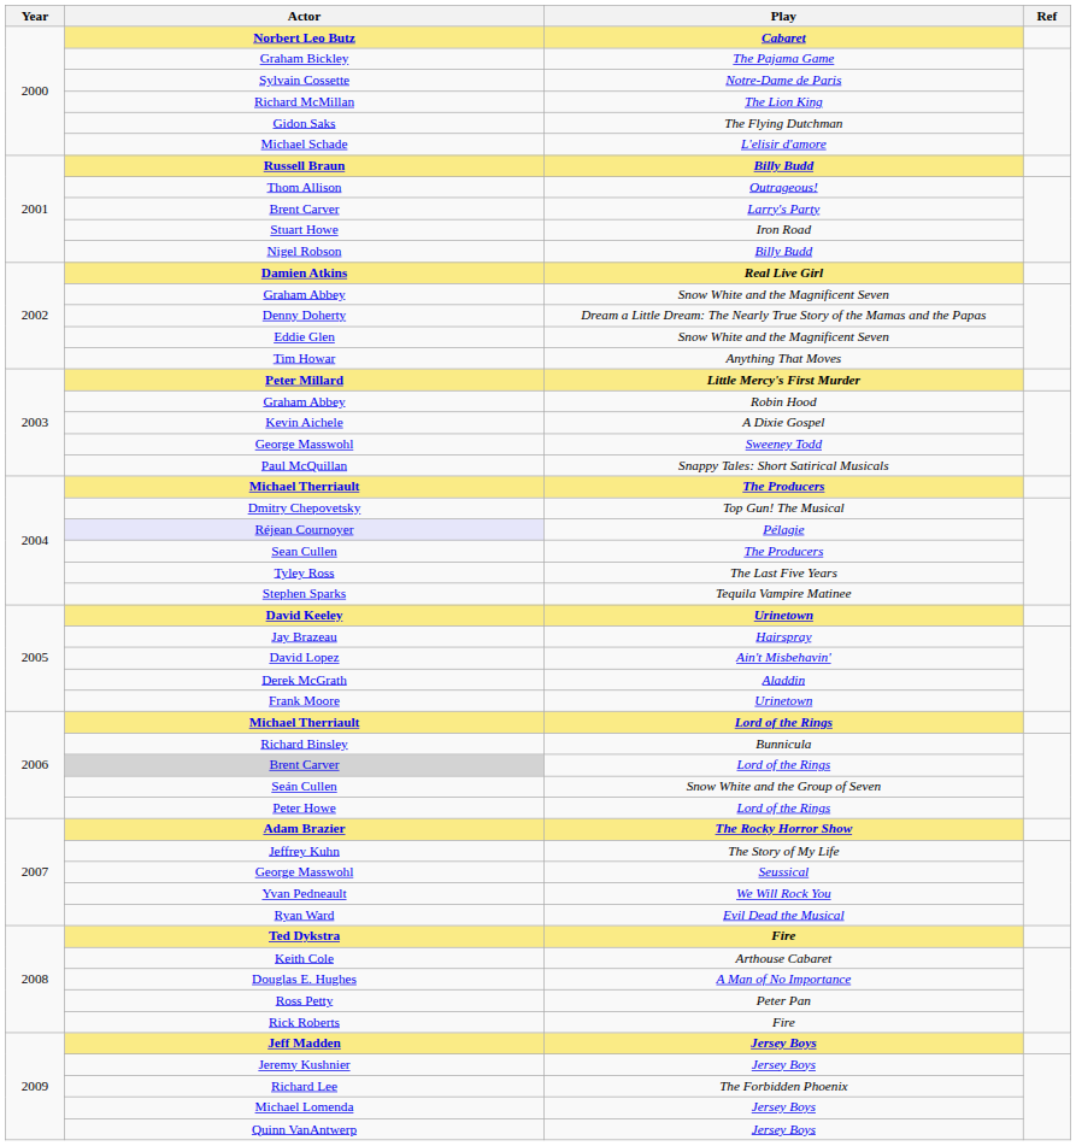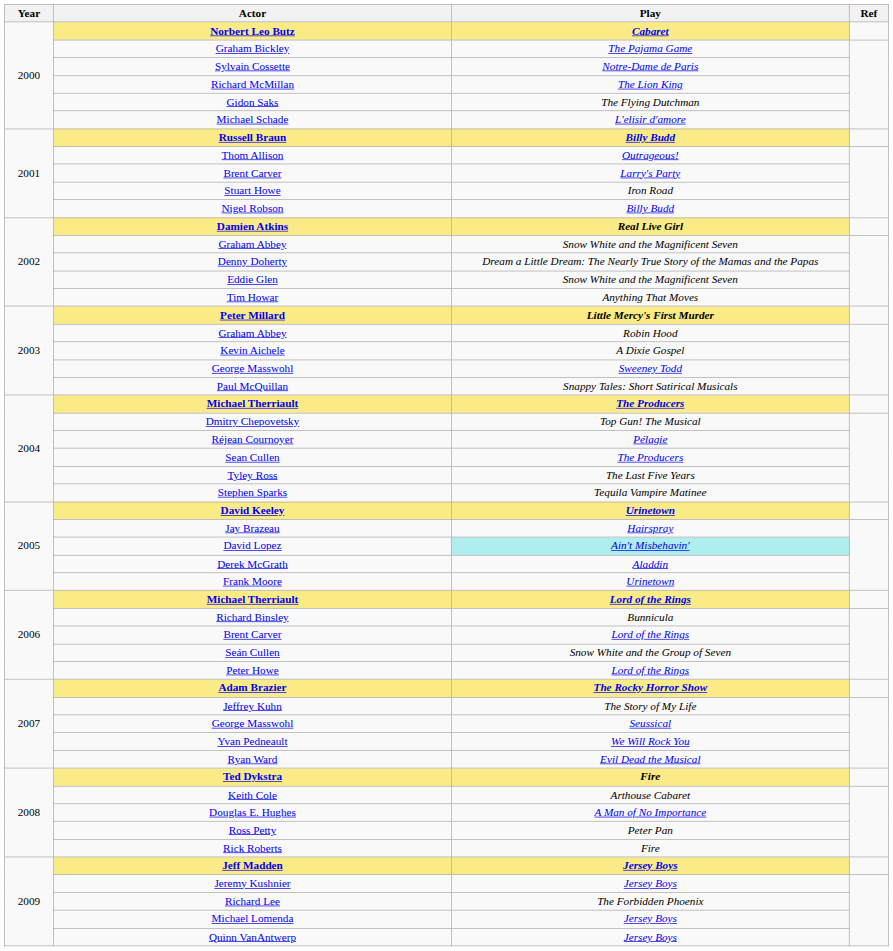 <table class="wikitable" width="100%" style="text-align:center;">
 <tr>
 <th>Year</th>
 <th width="45%">Actor</th>
 <th width="45%">Play</th>
 <th>Ref</th>
 </tr>
 <tr>
 <td rowspan=6>2000</td>
 <td style="background:#FAEB86"><strong><a href='#'>Norbert Leo Butz</a></strong></td>
 <td style="background:#FAEB86"><strong><em><a href='#'>Cabaret</a></em></strong></td>
 <td></td>
 </tr>
 <tr>
 <td><a href='#'>Graham Bickley</a></td>
 <td><em><a href='#'>The Pajama Game</a></em></td>
 <td rowspan=5></td>
 </tr>
 <tr>
 <td><a href='#'>Sylvain Cossette</a></td>
 <td><em><a href='#'>Notre-Dame de Paris</a></em></td>
 </tr>
 <tr>
 <td><a href='#'>Richard McMillan</a></td>
 <td><em><a href='#'>The Lion King</a></em></td>
 </tr>
 <tr>
 <td><a href='#'>Gidon Saks</a></td>
 <td><em>The Flying Dutchman</em></td>
 </tr>
 <tr>
 <td><a href='#'>Michael Schade</a></td>
 <td><em><a href='#'>L'elisir d'amore</a></em></td>
 </tr>
 <tr>
 <td rowspan=5>2001</td>
 <td style="background:#FAEB86"><strong><a href='#'>Russell Braun</a></strong></td>
 <td style="background:#FAEB86"><strong><em><a href='#'>Billy Budd</a></em></strong></td>
 <td></td>
 </tr>
 <tr>
 <td><a href='#'>Thom Allison</a></td>
 <td><em><a href='#'>Outrageous!</a></em></td>
 <td rowspan=4></td>
 </tr>
 <tr>
 <td><a href='#'>Brent Carver</a></td>
 <td><em><a href='#'>Larry's Party</a></em></td>
 </tr>
 <tr>
 <td><a href='#'>Stuart Howe</a></td>
 <td><em>Iron Road</em></td>
 </tr>
 <tr>
 <td><a href='#'>Nigel Robson</a></td>
 <td><em><a href='#'>Billy Budd</a></em></td>
 </tr>
 <tr>
 <td rowspan=5>2002</td>
 <td style="background:#FAEB86"><strong><a href='#'>Damien Atkins</a></strong></td>
 <td style="background:#FAEB86"><strong><em>Real Live Girl</em></strong></td>
 <td></td>
 </tr>
 <tr>
 <td><a href='#'>Graham Abbey</a></td>
 <td><em>Snow White and the Magnificent Seven</em></td>
 <td rowspan=4></td>
 </tr>
 <tr>
 <td><a href='#'>Denny Doherty</a></td>
 <td><em>Dream a Little Dream: The Nearly True Story of the Mamas and the Papas</em></td>
 </tr>
 <tr>
 <td><a href='#'>Eddie Glen</a></td>
 <td><em>Snow White and the Magnificent Seven</em></td>
 </tr>
 <tr>
 <td><a href='#'>Tim Howar</a></td>
 <td><em>Anything That Moves</em></td>
 </tr>
 <tr>
 <td rowspan=5>2003</td>
 <td style="background:#FAEB86"><strong><a href='#'>Peter Millard</a></strong></td>
 <td style="background:#FAEB86"><strong><em>Little Mercy's First Murder</em></strong></td>
 <td></td>
 </tr>
 <tr>
 <td><a href='#'>Graham Abbey</a></td>
 <td><em>Robin Hood</em></td>
 <td rowspan=4></td>
 </tr>
 <tr>
 <td><a href='#'>Kevin Aichele</a></td>
 <td><em>A Dixie Gospel</em></td>
 </tr>
 <tr>
 <td><a href='#'>George Masswohl</a></td>
 <td><em><a href='#'>Sweeney Todd</a></em></td>
 </tr>
 <tr>
 <td><a href='#'>Paul McQuillan</a></td>
 <td><em>Snappy Tales: Short Satirical Musicals</em></td>
 </tr>
 <tr>
 <td rowspan=6>2004</td>
 <td style="background:#FAEB86"><strong><a href='#'>Michael Therriault</a></strong></td>
 <td style="background:#FAEB86"><strong><em><a href='#'>The Producers</a></em></strong></td>
 <td></td>
 </tr>
 <tr>
 <td><a href='#'>Dmitry Chepovetsky</a></td>
 <td><em>Top Gun! The Musical</em></td>
 <td rowspan=5></td>
 </tr>
 <tr>
-<td style="background: lavender;"><a href='#'>Réjean Cournoyer</a></td>
+<td><a href='#'>Réjean Cournoyer</a></td>
 <td><em><a href='#'>Pélagie</a></em></td>
 </tr>
 <tr>
 <td><a href='#'>Sean Cullen</a></td>
 <td><em><a href='#'>The Producers</a></em></td>
 </tr>
 <tr>
 <td><a href='#'>Tyley Ross</a></td>
 <td><em>The Last Five Years</em></td>
 </tr>
 <tr>
 <td><a href='#'>Stephen Sparks</a></td>
 <td><em>Tequila Vampire Matinee</em></td>
 </tr>
 <tr>
 <td rowspan=5>2005</td>
 <td style="background:#FAEB86"><strong><a href='#'>David Keeley</a></strong></td>
 <td style="background:#FAEB86"><strong><em><a href='#'>Urinetown</a></em></strong></td>
 <td></td>
 </tr>
 <tr>
 <td><a href='#'>Jay Brazeau</a></td>
 <td><em><a href='#'>Hairspray</a></em></td>
 <td rowspan=4></td>
 </tr>
 <tr>
 <td><a href='#'>David Lopez</a></td>
-<td><em><a href='#'>Ain't Misbehavin'</a></em></td>
+<td style="background: paleturquoise;"><em><a href='#'>Ain't Misbehavin'</a></em></td>
 </tr>
 <tr>
 <td><a href='#'>Derek McGrath</a></td>
 <td><em><a href='#'>Aladdin</a></em></td>
 </tr>
 <tr>
 <td><a href='#'>Frank Moore</a></td>
 <td><em><a href='#'>Urinetown</a></em></td>
 </tr>
 <tr>
 <td rowspan=5>2006</td>
 <td style="background:#FAEB86"><strong><a href='#'>Michael Therriault</a></strong></td>
 <td style="background:#FAEB86"><strong><em><a href='#'>Lord of the Rings</a></em></strong></td>
 <td></td>
 </tr>
 <tr>
 <td><a href='#'>Richard Binsley</a></td>
 <td><em>Bunnicula</em></td>
 <td rowspan=4></td>
 </tr>
 <tr>
-<td style="background: lightgrey;"><a href='#'>Brent Carver</a></td>
+<td><a href='#'>Brent Carver</a></td>
 <td><em><a href='#'>Lord of the Rings</a></em></td>
 </tr>
 <tr>
 <td><a href='#'>Seán Cullen</a></td>
 <td><em>Snow White and the Group of Seven</em></td>
 </tr>
 <tr>
 <td><a href='#'>Peter Howe</a></td>
 <td><em><a href='#'>Lord of the Rings</a></em></td>
 </tr>
 <tr>
 <td rowspan=5>2007</td>
 <td style="background:#FAEB86"><strong><a href='#'>Adam Brazier</a></strong></td>
 <td style="background:#FAEB86"><strong><em><a href='#'>The Rocky Horror Show</a></em></strong></td>
 <td></td>
 </tr>
 <tr>
 <td><a href='#'>Jeffrey Kuhn</a></td>
 <td><em>The Story of My Life</em></td>
 <td rowspan=4></td>
 </tr>
 <tr>
 <td><a href='#'>George Masswohl</a></td>
 <td><em><a href='#'>Seussical</a></em></td>
 </tr>
 <tr>
 <td><a href='#'>Yvan Pedneault</a></td>
 <td><em><a href='#'>We Will Rock You</a></em></td>
 </tr>
 <tr>
 <td><a href='#'>Ryan Ward</a></td>
 <td><em><a href='#'>Evil Dead the Musical</a></em></td>
 </tr>
 <tr>
 <td rowspan=5>2008</td>
 <td style="background:#FAEB86"><strong><a href='#'>Ted Dykstra</a></strong></td>
 <td style="background:#FAEB86"><strong><em>Fire</em></strong></td>
 <td></td>
 </tr>
 <tr>
 <td><a href='#'>Keith Cole</a></td>
 <td><em>Arthouse Cabaret</em></td>
 <td rowspan=4></td>
 </tr>
 <tr>
 <td><a href='#'>Douglas E. Hughes</a></td>
 <td><em><a href='#'>A Man of No Importance</a></em></td>
 </tr>
 <tr>
 <td><a href='#'>Ross Petty</a></td>
 <td><em>Peter Pan</em></td>
 </tr>
 <tr>
 <td><a href='#'>Rick Roberts</a></td>
 <td><em>Fire</em></td>
 </tr>
 <tr>
 <td rowspan=5>2009</td>
 <td style="background:#FAEB86"><strong><a href='#'>Jeff Madden</a></strong></td>
 <td style="background:#FAEB86"><strong><em><a href='#'>Jersey Boys</a></em></strong></td>
 <td></td>
 </tr>
 <tr>
 <td><a href='#'>Jeremy Kushnier</a></td>
 <td><em><a href='#'>Jersey Boys</a></em></td>
 <td rowspan=4></td>
 </tr>
 <tr>
 <td><a href='#'>Richard Lee</a></td>
 <td><em>The Forbidden Phoenix</em></td>
 </tr>
 <tr>
 <td><a href='#'>Michael Lomenda</a></td>
 <td><em><a href='#'>Jersey Boys</a></em></td>
 </tr>
 <tr>
 <td><a href='#'>Quinn VanAntwerp</a></td>
 <td><em><a href='#'>Jersey Boys</a></em></td>
 </tr>
 </table>
